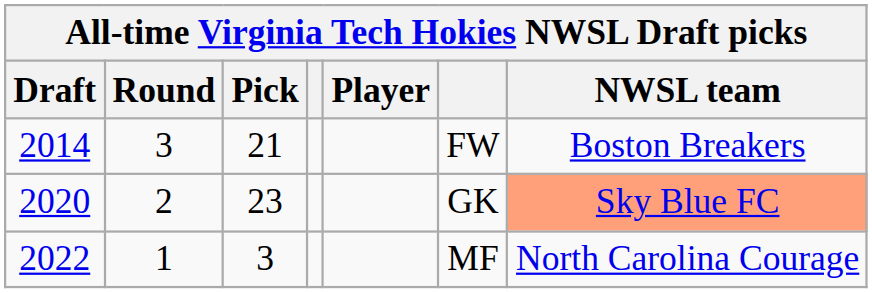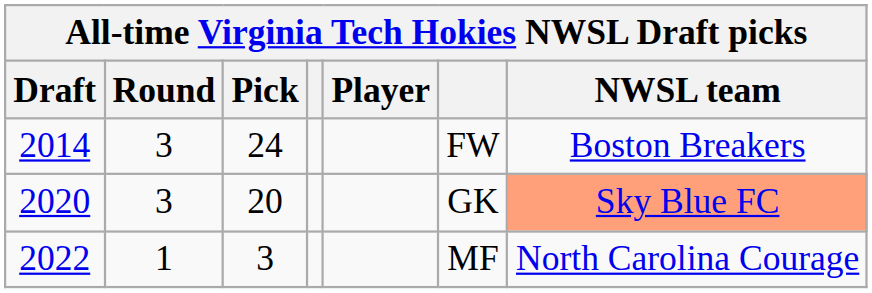 <table class="wikitable sortable" style="text-align: center;">
 <tr>
 <th colspan="7" style="background:#">All-time <a href='#'><span>Virginia Tech Hokies</span></a> NWSL Draft picks</th>
 </tr>
 <tr>
 <th scope="col">Draft</th>
 <th scope="col">Round</th>
 <th scope="col">Pick</th>
 <th scope="col"></th>
 <th scope="col">Player</th>
 <th scope="col"></th>
 <th scope="col">NWSL team</th>
 </tr>
 <tr>
 <td><a href='#'>2014</a></td>
 <td>3</td>
-<td>21</td>
+<td>24</td>
 <td></td>
 <td></td>
 <td>FW</td>
 <td><a href='#'>Boston Breakers</a></td>
 </tr>
 <tr>
 <td><a href='#'>2020</a></td>
-<td>2</td>
-<td>23</td>
+<td>3</td>
+<td>20</td>
 <td></td>
 <td></td>
 <td>GK</td>
 <td style="background: lightsalmon;"><a href='#'>Sky Blue FC</a></td>
 </tr>
 <tr>
 <td><a href='#'>2022</a></td>
 <td>1</td>
 <td>3</td>
 <td></td>
 <td></td>
 <td>MF</td>
 <td><a href='#'>North Carolina Courage</a></td>
 </tr>
 </table>
